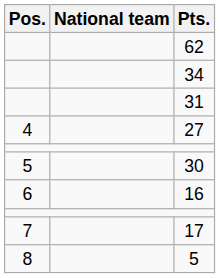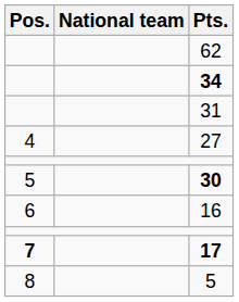 <table class=wikitable style="font-size: 95%">
 <tr>
 <th>Pos.</th>
 <th>National team</th>
 <th>Pts.</th>
 </tr>
 <tr align=center>
 <td></td>
 <td align=left></td>
 <td>62</td>
 </tr>
 <tr align=center>
 <td></td>
 <td align=left></td>
-<td>34</td>
+<td><strong>34</strong></td>
 </tr>
 <tr align=center>
 <td></td>
 <td align=left></td>
 <td>31</td>
 </tr>
 <tr align=center>
 <td>4</td>
 <td align=left></td>
 <td>27</td>
 </tr>
 <tr>
 <td colspan=3 ></td>
 </tr>
 <tr align=center>
 <td>5</td>
 <td align=left></td>
-<td>30</td>
+<td><strong>30</strong></td>
 </tr>
 <tr align=center>
 <td>6</td>
 <td align=left></td>
 <td>16</td>
 </tr>
 <tr>
 <td colspan=3 ></td>
 </tr>
 <tr align=center>
-<td>7</td>
+<td><strong>7</strong></td>
 <td align=left></td>
-<td>17</td>
+<td><strong>17</strong></td>
 </tr>
 <tr align=center>
 <td>8</td>
 <td align=left></td>
 <td>5</td>
 </tr>
 </table>
